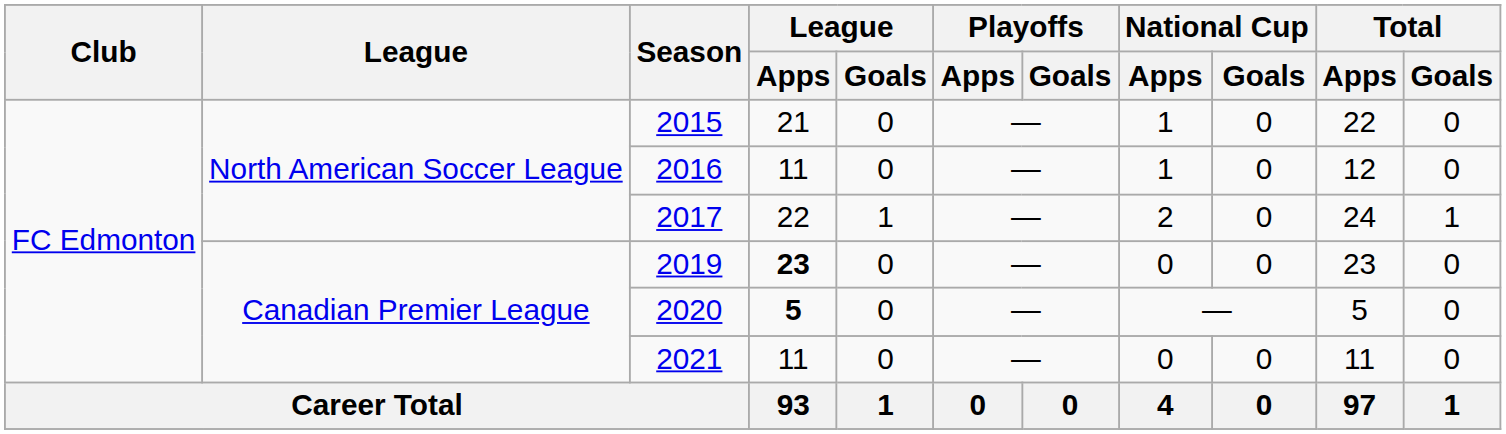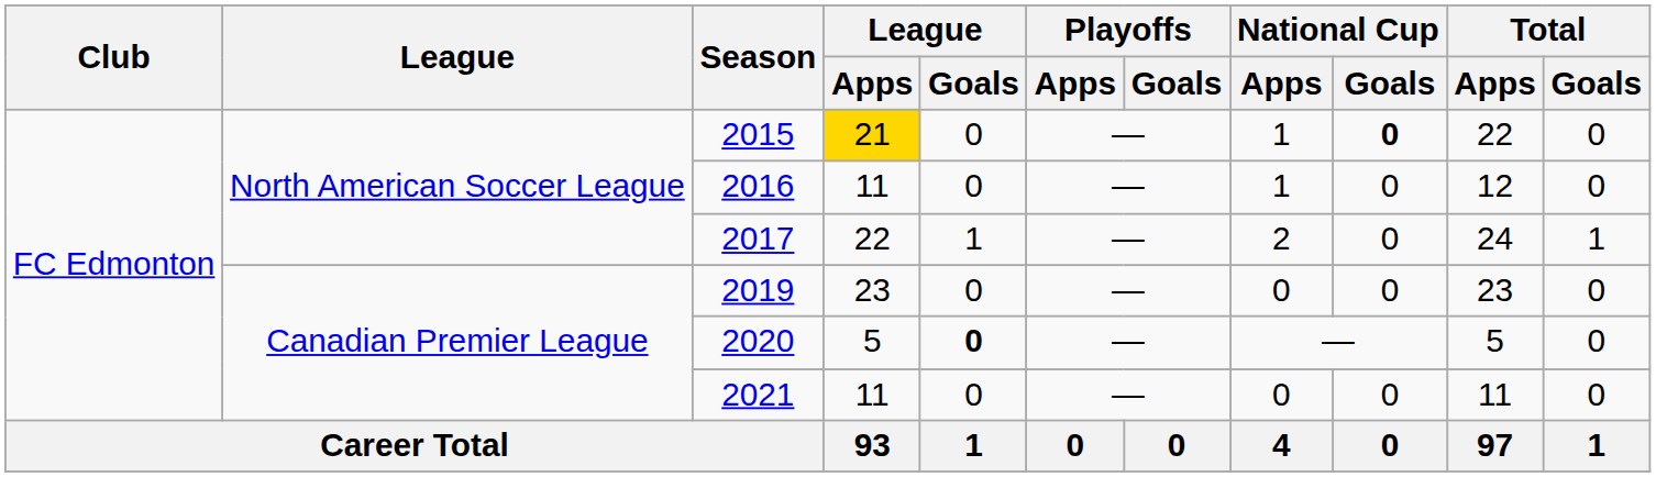 <table class="wikitable" style="text-align: center;">
 <tr>
 <th rowspan="2">Club</th>
 <th rowspan="2">League</th>
 <th rowspan="2">Season</th>
 <th colspan="2">League</th>
 <th colspan="2">Playoffs</th>
 <th colspan="2">National Cup</th>
 <th colspan="2">Total</th>
 </tr>
 <tr>
 <th>Apps</th>
 <th>Goals</th>
 <th>Apps</th>
 <th>Goals</th>
 <th>Apps</th>
 <th>Goals</th>
 <th>Apps</th>
 <th>Goals</th>
 </tr>
 <tr>
 <td rowspan="6"><a href='#'>FC Edmonton</a></td>
 <td rowspan="3"><a href='#'>North American Soccer League</a></td>
 <td><a href='#'>2015</a></td>
-<td>21</td>
+<td style="background: gold;">21</td>
 <td>0</td>
 <td colspan="2">—</td>
 <td>1</td>
-<td>0</td>
+<td><strong>0</strong></td>
 <td>22</td>
 <td>0</td>
 </tr>
 <tr>
 <td><a href='#'>2016</a></td>
 <td>11</td>
 <td>0</td>
 <td colspan="2">—</td>
 <td>1</td>
 <td>0</td>
 <td>12</td>
 <td>0</td>
 </tr>
 <tr>
 <td><a href='#'>2017</a></td>
 <td>22</td>
 <td>1</td>
 <td colspan="2">—</td>
 <td>2</td>
 <td>0</td>
 <td>24</td>
 <td>1</td>
 </tr>
 <tr>
 <td rowspan=3><a href='#'>Canadian Premier League</a></td>
 <td><a href='#'>2019</a></td>
-<td><strong>23</strong></td>
+<td>23</td>
 <td>0</td>
 <td colspan="2">—</td>
 <td>0</td>
 <td>0</td>
 <td>23</td>
 <td>0</td>
 </tr>
 <tr>
 <td><a href='#'>2020</a></td>
-<td><strong>5</strong></td>
-<td>0</td>
+<td>5</td>
+<td><strong>0</strong></td>
 <td colspan="2">—</td>
 <td colspan="2">—</td>
 <td>5</td>
 <td>0</td>
 </tr>
 <tr>
 <td><a href='#'>2021</a></td>
 <td>11</td>
 <td>0</td>
 <td colspan="2">—</td>
 <td>0</td>
 <td>0</td>
 <td>11</td>
 <td>0</td>
 </tr>
 <tr>
 <th colspan="3">Career Total</th>
 <th>93</th>
 <th>1</th>
 <th>0</th>
 <th>0</th>
 <th>4</th>
 <th>0</th>
 <th>97</th>
 <th>1</th>
 </tr>
 </table>
